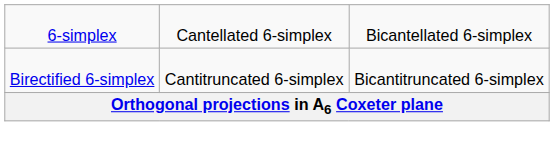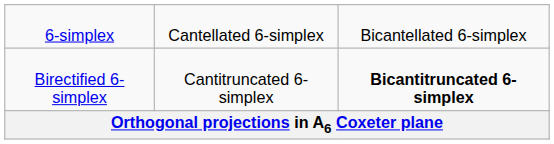 <table class=wikitable align=right width=540 style="margin-left:1em;">
 <tr align=center>
 <td><br><a href='#'>6-simplex</a><br></td>
 <td><br>Cantellated 6-simplex<br></td>
 <td><br>Bicantellated 6-simplex<br></td>
 </tr>
 <tr align=center>
 <td><br><a href='#'>Birectified 6-simplex</a><br></td>
 <td><br>Cantitruncated 6-simplex<br></td>
-<td><br>Bicantitruncated 6-simplex<br></td>
+<td><strong><br>Bicantitruncated 6-simplex<br></strong></td>
 </tr>
 <tr>
 <th colspan=3><a href='#'>Orthogonal projections</a> in A<sub>6</sub> <a href='#'>Coxeter plane</a></th>
 </tr>
 </table>
